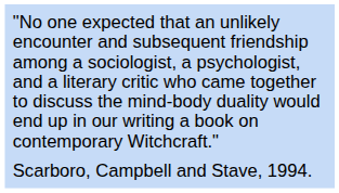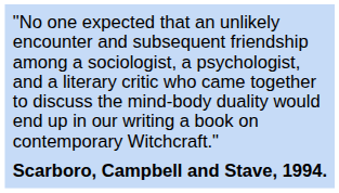 <table class="toccolours" style="float: right; margin-left: 1em; margin-right: 0em; font-size: 85%; background:#c6dbf7; color:black; width:30em; max-width: 250px;" cellspacing="5">
 <tr>
 <td style="text-align: left;">"No one expected that an unlikely encounter and subsequent friendship among a sociologist, a psychologist, and a literary critic who came together to discuss the mind-body duality would end up in our writing a book on contemporary Witchcraft."</td>
 </tr>
 <tr>
-<td style="text-align: left;">Scarboro, Campbell and Stave, 1994.</td>
+<td style="text-align: left;"><strong>Scarboro, Campbell and Stave, 1994.</strong></td>
 </tr>
 </table>
